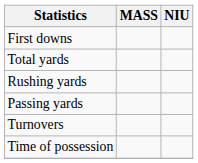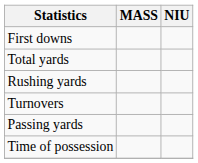 <table class="wikitable" style="float: left;">
 <tr>
 <th>Statistics</th>
 <th>MASS</th>
 <th>NIU</th>
 </tr>
 <tr>
 <td>First downs</td>
 <td></td>
 <td></td>
 </tr>
 <tr>
 <td>Total yards</td>
 <td></td>
 <td></td>
 </tr>
 <tr>
 <td>Rushing yards</td>
 <td></td>
 <td></td>
 </tr>
 <tr>
-<td>Passing yards</td>
+<td>Turnovers</td>
 <td></td>
 <td></td>
 </tr>
 <tr>
-<td>Turnovers</td>
+<td>Passing yards</td>
 <td></td>
 <td></td>
 </tr>
 <tr>
 <td>Time of possession</td>
 <td></td>
 <td></td>
 </tr>
 <tr>
 </tr>
 </table>
